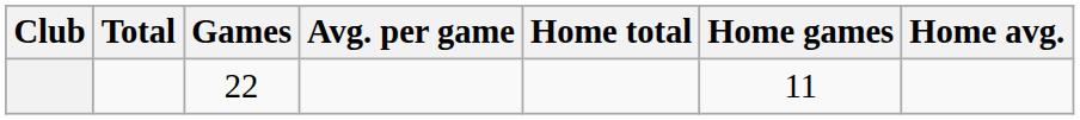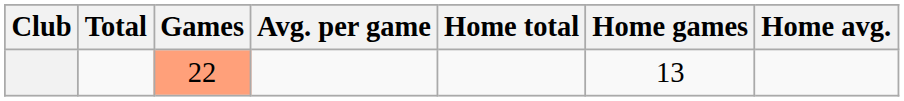 <table class="wikitable plainrowheaders sortable" style="text-align:center;">
 <tr>
 <th>Club</th>
 <th>Total</th>
 <th>Games</th>
 <th>Avg. per game</th>
 <th>Home total</th>
 <th>Home games</th>
 <th>Home avg.</th>
 </tr>
 <tr>
 <th scope="row"></th>
 <td></td>
-<td>22</td>
+<td style="background: lightsalmon;">22</td>
 <td></td>
 <td></td>
-<td>11</td>
+<td>13</td>
 <td></td>
 </tr>
 </table>
